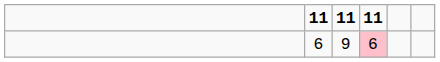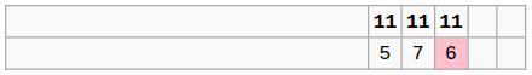 <table class="wikitable">
 <tr>
 <td style="width:18em"></td>
 <td align=center style="width:1em"><strong>11</strong></td>
 <td align=center style="width:1em"><strong>11</strong></td>
 <td align=center style="width:1em"><strong>11</strong></td>
 <td align=center style="width:1em"></td>
 <td align=center style="width:1em"></td>
 </tr>
 <tr>
 <td style="width:18em"></td>
-<td align=center style="width:1em">6</td>
-<td align=center style="width:1em">9</td>
+<td align=center style="width:1em">5</td>
+<td align=center style="width:1em">7</td>
 <td align=center style="background: pink; width:1em">6</td>
 <td align=center style="width:1em"></td>
 <td align=center style="width:1em"></td>
 </tr>
 </table>
